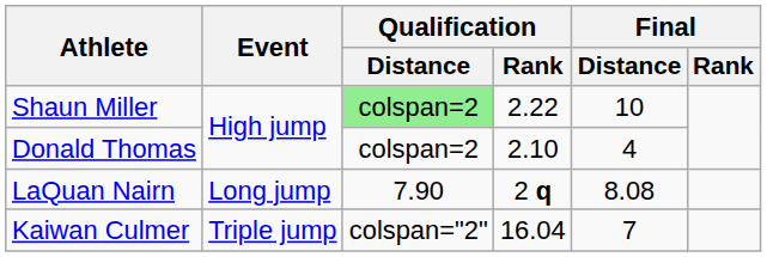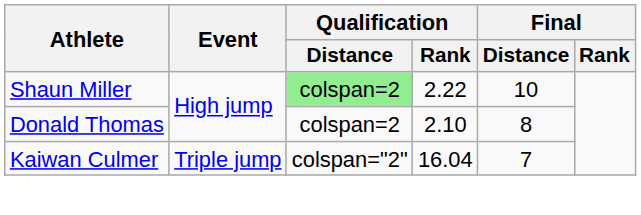 <table class="wikitable" style="font-size:90%; text-align:center">
 <tr>
 <th rowspan=2>Athlete</th>
 <th rowspan=2>Event</th>
 <th colspan=2>Qualification</th>
 <th colspan=2>Final</th>
 </tr>
 <tr style="font-size:95%">
 <th>Distance</th>
 <th>Rank</th>
 <th>Distance</th>
 <th>Rank</th>
 </tr>
 <tr>
 <td align=left><a href='#'>Shaun Miller</a></td>
 <td align=left rowspan=2><a href='#'>High jump</a></td>
 <td style="background: lightgreen;">colspan=2 </td>
 <td>2.22</td>
 <td>10</td>
 </tr>
 <tr>
 <td align=left><a href='#'>Donald Thomas</a></td>
 <td>colspan=2 </td>
 <td>2.10</td>
-<td>4</td>
-</tr>
-<tr>
-<td align=left><a href='#'>LaQuan Nairn</a></td>
-<td align=left rowspan=1><a href='#'>Long jump</a></td>
-<td>7.90</td>
-<td>2 <strong>q</strong></td>
-<td>8.08</td>
-<td></td>
+<td>8</td>
 </tr>
 <tr>
 <td align=left><a href='#'>Kaiwan Culmer</a></td>
 <td align=left rowspan=1><a href='#'>Triple jump</a></td>
 <td>colspan="2" </td>
 <td>16.04</td>
 <td>7</td>
 </tr>
 </table>
